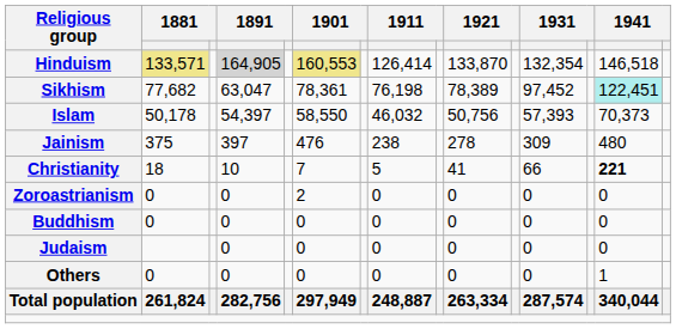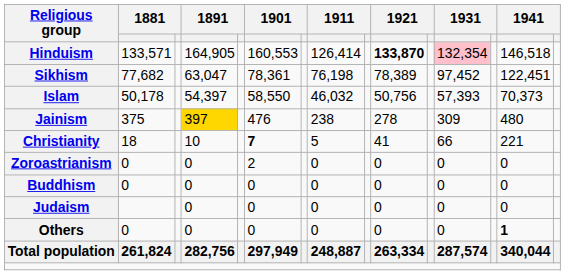 <table class="wikitable sortable">
 <tr>
 <th rowspan="2"><a href='#'>Religious</a><br>group</th>
 <th colspan="2">1881</th>
 <th colspan="2">1891</th>
 <th colspan="2">1901</th>
 <th colspan="2">1911</th>
 <th colspan="2">1921</th>
 <th colspan="2">1931</th>
 <th colspan="2">1941</th>
 </tr>
 <tr>
 <th><a href='#'></a></th>
 <th></th>
 <th></th>
 <th></th>
 <th></th>
 <th></th>
 <th></th>
 <th></th>
 <th></th>
 <th></th>
 <th></th>
 <th></th>
 <th></th>
 <th></th>
 </tr>
 <tr>
 <th><a href='#'>Hinduism</a> </th>
-<td style="background: khaki;">133,571</td>
+<td>133,571</td>
 <td></td>
-<td style="background: lightgrey;">164,905</td>
+<td>164,905</td>
 <td></td>
-<td style="background: khaki;">160,553</td>
+<td>160,553</td>
 <td></td>
 <td>126,414</td>
 <td></td>
-<td>133,870</td>
+<td><strong>133,870</strong></td>
 <td></td>
-<td>132,354</td>
+<td style="background: pink;">132,354</td>
 <td></td>
 <td>146,518</td>
 <td></td>
 </tr>
 <tr>
 <th><a href='#'>Sikhism</a> </th>
 <td>77,682</td>
 <td></td>
 <td>63,047</td>
 <td></td>
 <td>78,361</td>
 <td></td>
 <td>76,198</td>
 <td></td>
 <td>78,389</td>
 <td></td>
 <td>97,452</td>
 <td></td>
-<td style="background: paleturquoise;">122,451</td>
+<td>122,451</td>
 <td></td>
 </tr>
 <tr>
 <th><a href='#'>Islam</a> </th>
 <td>50,178</td>
 <td></td>
 <td>54,397</td>
 <td></td>
 <td>58,550</td>
 <td></td>
 <td>46,032</td>
 <td></td>
 <td>50,756</td>
 <td></td>
 <td>57,393</td>
 <td></td>
 <td>70,373</td>
 <td></td>
 </tr>
 <tr>
 <th><a href='#'>Jainism</a> </th>
 <td>375</td>
 <td></td>
-<td>397</td>
+<td style="background: gold;">397</td>
 <td></td>
 <td>476</td>
 <td></td>
 <td>238</td>
 <td></td>
 <td>278</td>
 <td></td>
 <td>309</td>
 <td></td>
 <td>480</td>
 <td></td>
 </tr>
 <tr>
 <th><a href='#'>Christianity</a> </th>
 <td>18</td>
 <td></td>
 <td>10</td>
 <td></td>
-<td>7</td>
+<td><strong>7</strong></td>
 <td></td>
 <td>5</td>
 <td></td>
 <td>41</td>
 <td></td>
 <td>66</td>
 <td></td>
-<td><strong>221</strong></td>
+<td>221</td>
 <td></td>
 </tr>
 <tr>
 <th><a href='#'>Zoroastrianism</a> </th>
 <td>0</td>
 <td></td>
 <td>0</td>
 <td></td>
 <td>2</td>
 <td></td>
 <td>0</td>
 <td></td>
 <td>0</td>
 <td></td>
 <td>0</td>
 <td></td>
 <td>0</td>
 <td></td>
 </tr>
 <tr>
 <th><a href='#'>Buddhism</a> </th>
 <td>0</td>
 <td></td>
 <td>0</td>
 <td></td>
 <td>0</td>
 <td></td>
 <td>0</td>
 <td></td>
 <td>0</td>
 <td></td>
 <td>0</td>
 <td></td>
 <td>0</td>
 <td></td>
 </tr>
 <tr>
 <th><a href='#'>Judaism</a> </th>
 <td></td>
 <td></td>
 <td>0</td>
 <td></td>
 <td>0</td>
 <td></td>
 <td>0</td>
 <td></td>
 <td>0</td>
 <td></td>
 <td>0</td>
 <td></td>
 <td>0</td>
 <td></td>
 </tr>
 <tr>
 <th>Others</th>
 <td>0</td>
 <td></td>
 <td>0</td>
 <td></td>
 <td>0</td>
 <td></td>
 <td>0</td>
 <td></td>
 <td>0</td>
 <td></td>
 <td>0</td>
 <td></td>
-<td>1</td>
+<td><strong>1</strong></td>
 <td></td>
 </tr>
 <tr>
 <th>Total population</th>
 <th>261,824</th>
 <th></th>
 <th>282,756</th>
 <th></th>
 <th>297,949</th>
 <th></th>
 <th>248,887</th>
 <th></th>
 <th>263,334</th>
 <th></th>
 <th>287,574</th>
 <th></th>
 <th>340,044</th>
 <th></th>
 </tr>
 <tr class="sortbottom">
 <td colspan="15"></td>
 </tr>
 </table>
